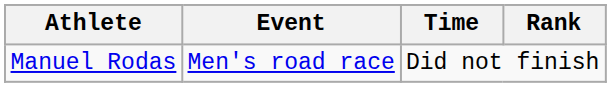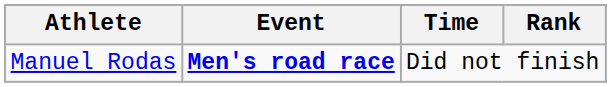 <table class=wikitable style=font-size:90%;text-align:center>
 <tr>
 <th>Athlete</th>
 <th>Event</th>
 <th>Time</th>
 <th>Rank</th>
 </tr>
 <tr>
 <td align=left><a href='#'>Manuel Rodas</a></td>
-<td align=left><a href='#'>Men's road race</a></td>
+<td align=left><strong><a href='#'>Men's road race</a></strong></td>
 <td colspan=2>Did not finish</td>
 </tr>
 </table>
